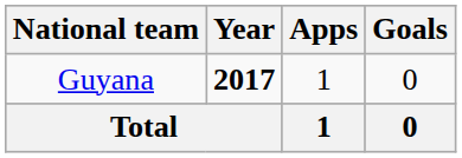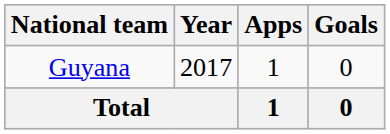 <table class="wikitable" style="text-align:center">
 <tr>
 <th>National team</th>
 <th>Year</th>
 <th>Apps</th>
 <th>Goals</th>
 </tr>
 <tr>
 <td rowspan="1"><a href='#'>Guyana</a></td>
-<td><strong>2017</strong></td>
+<td>2017</td>
 <td>1</td>
 <td>0</td>
 </tr>
 <tr>
 <th colspan=2>Total</th>
 <th>1</th>
 <th>0</th>
 </tr>
 </table>
